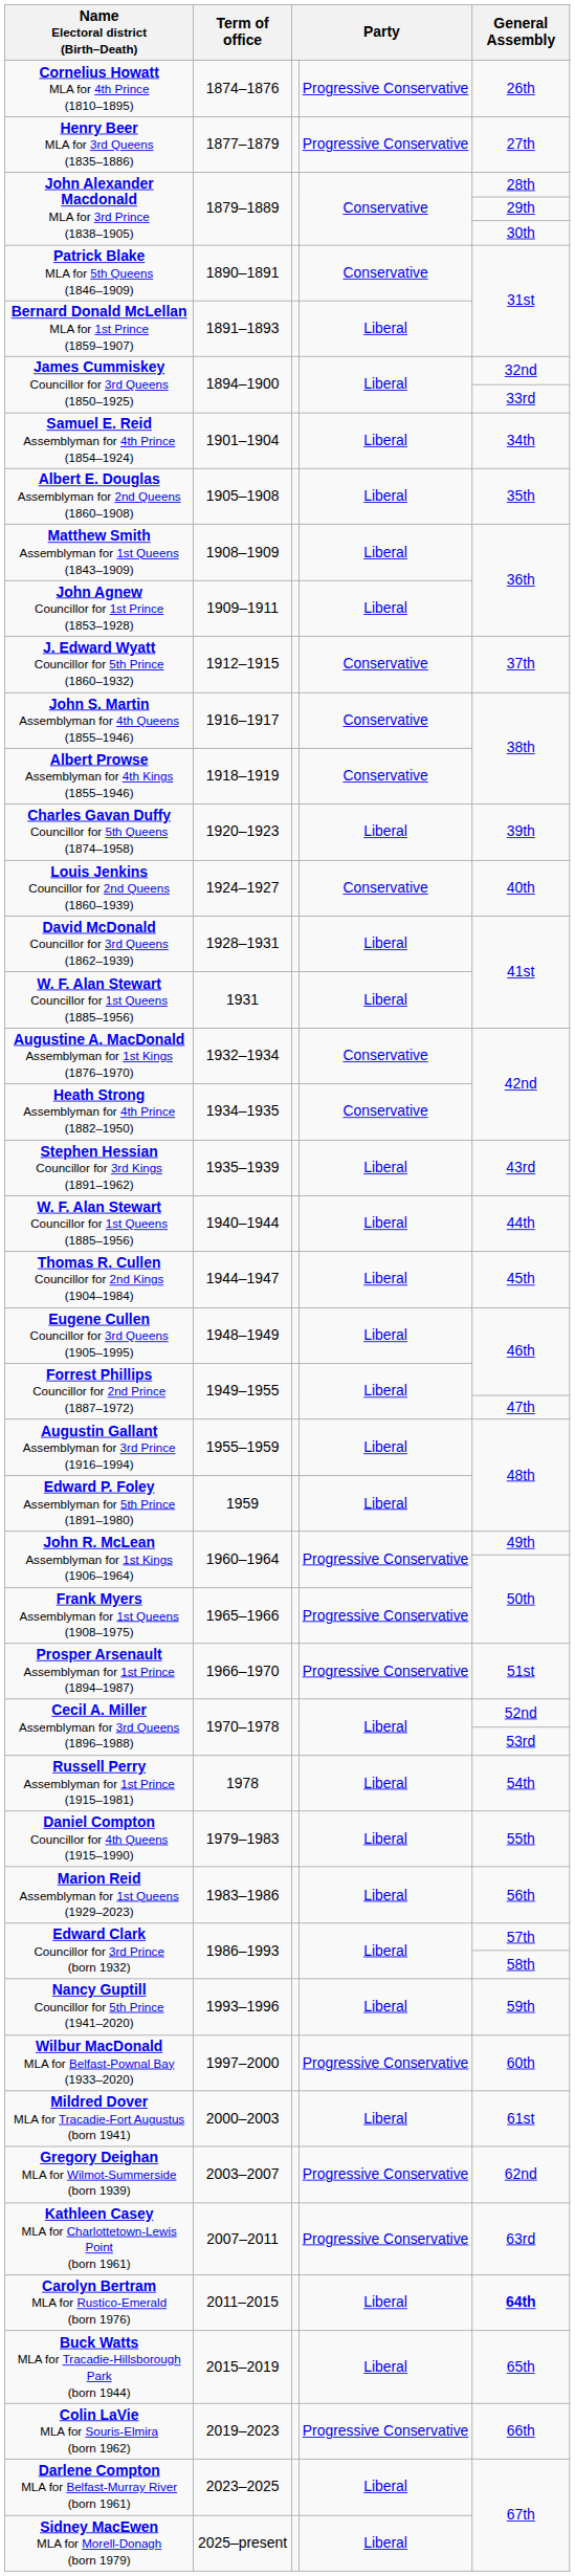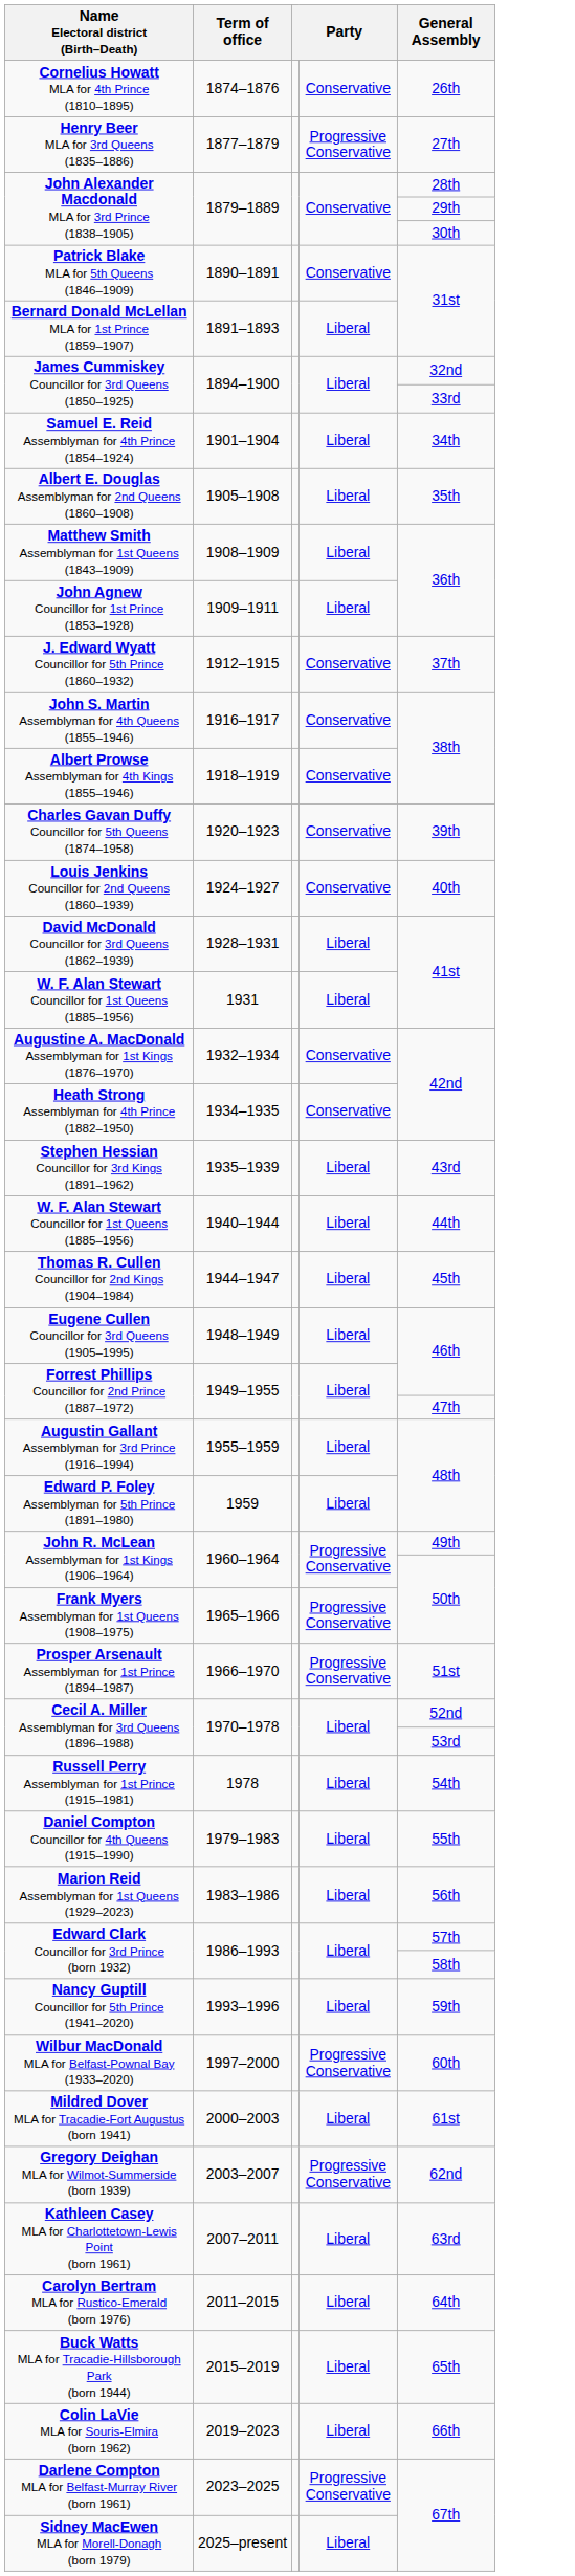 <table class="wikitable" style="text-align:center">
 <tr>
 <th width="200px">Name<br><small>Electoral district<br>(Birth–Death)</small></th>
 <th width="100px">Term of office</th>
 <th colspan="2">Party</th>
 <th width="100px">General Assembly</th>
 </tr>
 <tr>
 <td><strong><a href='#'>Cornelius Howatt</a></strong><br><small>MLA for <a href='#'>4th Prince</a></small><br><small>(1810–1895)</small></td>
 <td>1874–1876</td>
 <td style="width:1px; background:"></td>
-<td><a href='#'>Progressive Conservative</a></td>
+<td width="100px"><a href='#'>Conservative</a></td>
 <td><a href='#'>26th</a></td>
 </tr>
 <tr>
 <td><strong><a href='#'>Henry Beer</a></strong><br><small>MLA for <a href='#'>3rd Queens</a></small><br><small>(1835–1886)</small></td>
 <td>1877–1879</td>
 <td style="width:1px; background:"></td>
 <td><a href='#'>Progressive Conservative</a></td>
 <td><a href='#'>27th</a></td>
 </tr>
 <tr>
 <td rowspan="3"><a href='#'><strong>John Alexander Macdonald</strong></a><br><small>MLA for <a href='#'>3rd Prince</a></small><br><small>(1838–1905)</small></td>
 <td rowspan="3">1879–1889</td>
 <td rowspan="3" style="width:1px; background:"></td>
 <td rowspan="3"><a href='#'>Conservative</a></td>
 <td><a href='#'>28th</a></td>
 </tr>
 <tr>
 <td><a href='#'>29th</a></td>
 </tr>
 <tr>
 <td><a href='#'>30th</a></td>
 </tr>
 <tr>
 <td><strong><a href='#'>Patrick Blake</a></strong><br><small>MLA for <a href='#'>5th Queens</a></small><br><small>(1846–1909)</small></td>
 <td>1890–1891</td>
 <td style="width:1px; background:"></td>
 <td><a href='#'>Conservative</a></td>
 <td rowspan="2"><a href='#'>31st</a></td>
 </tr>
 <tr>
 <td><strong><a href='#'>Bernard Donald McLellan</a></strong><br><small>MLA for <a href='#'>1st Prince</a></small><br><small>(1859–1907)</small></td>
 <td>1891–1893</td>
 <td style="width:1px; background:"></td>
 <td><a href='#'>Liberal</a></td>
 </tr>
 <tr>
 <td rowspan="2"><strong><a href='#'>James Cummiskey</a></strong><br><small>Councillor for <a href='#'>3rd Queens</a></small><br><small>(1850–1925)</small></td>
 <td rowspan="2">1894–1900</td>
 <td rowspan="2" style="width:1px; background:"></td>
 <td rowspan="2"><a href='#'>Liberal</a></td>
 <td><a href='#'>32nd</a></td>
 </tr>
 <tr>
 <td><a href='#'>33rd</a></td>
 </tr>
 <tr>
 <td><strong><a href='#'>Samuel E. Reid</a></strong><br><small>Assemblyman for <a href='#'>4th Prince</a></small><br><small>(1854–1924)</small></td>
 <td>1901–1904</td>
 <td style="width:1px; background:"></td>
 <td><a href='#'>Liberal</a></td>
 <td><a href='#'>34th</a></td>
 </tr>
 <tr>
 <td><strong><a href='#'>Albert E. Douglas</a></strong><br><small>Assemblyman for <a href='#'>2nd Queens</a></small><br><small>(1860–1908)</small></td>
 <td>1905–1908</td>
 <td style="width:1px; background:"></td>
 <td><a href='#'>Liberal</a></td>
 <td><a href='#'>35th</a></td>
 </tr>
 <tr>
 <td><strong><a href='#'>Matthew Smith</a></strong><br><small>Assemblyman for <a href='#'>1st Queens</a></small><br><small>(1843–1909)</small></td>
 <td>1908–1909</td>
 <td style="width:1px; background:"></td>
 <td><a href='#'>Liberal</a></td>
 <td rowspan="2"><a href='#'>36th</a></td>
 </tr>
 <tr>
 <td><strong><a href='#'>John Agnew</a></strong><br><small>Councillor for <a href='#'>1st Prince</a></small><br><small>(1853–1928)</small></td>
 <td>1909–1911</td>
 <td style="width:1px; background:"></td>
 <td><a href='#'>Liberal</a></td>
 </tr>
 <tr>
 <td><strong><a href='#'>J. Edward Wyatt</a></strong><br><small>Councillor for <a href='#'>5th Prince</a></small><br><small>(1860–1932)</small></td>
 <td>1912–1915</td>
 <td style="width:1px; background:"></td>
 <td><a href='#'>Conservative</a></td>
 <td><a href='#'>37th</a></td>
 </tr>
 <tr>
 <td><strong><a href='#'>John S. Martin</a></strong><br><small>Assemblyman for <a href='#'>4th Queens</a></small><br><small>(1855–1946)</small></td>
 <td>1916–1917</td>
 <td style="width:1px; background:"></td>
 <td><a href='#'>Conservative</a></td>
 <td rowspan="2"><a href='#'>38th</a></td>
 </tr>
 <tr>
 <td><strong><a href='#'>Albert Prowse</a></strong><br><small>Assemblyman for <a href='#'>4th Kings</a></small><br><small>(1855–1946)</small></td>
 <td>1918–1919</td>
 <td style="width:1px; background:"></td>
 <td><a href='#'>Conservative</a></td>
 </tr>
 <tr>
 <td><strong><a href='#'>Charles Gavan Duffy</a></strong><br><small>Councillor for <a href='#'>5th Queens</a></small><br><small>(1874–1958)</small></td>
 <td>1920–1923</td>
 <td style="width:1px; background:"></td>
-<td><a href='#'>Liberal</a></td>
+<td><a href='#'>Conservative</a></td>
 <td><a href='#'>39th</a></td>
 </tr>
 <tr>
 <td><strong><a href='#'>Louis Jenkins</a></strong><br><small>Councillor for <a href='#'>2nd Queens</a></small><br><small>(1860–1939)</small></td>
 <td>1924–1927</td>
 <td style="width:1px; background:"></td>
 <td><a href='#'>Conservative</a></td>
 <td><a href='#'>40th</a></td>
 </tr>
 <tr>
 <td><strong><a href='#'>David McDonald</a></strong><br><small>Councillor for <a href='#'>3rd Queens</a></small><br><small>(1862–1939)</small></td>
 <td>1928–1931</td>
 <td style="width:1px; background:"></td>
 <td><a href='#'>Liberal</a></td>
 <td rowspan="2"><a href='#'>41st</a></td>
 </tr>
 <tr>
 <td><strong><a href='#'>W. F. Alan Stewart</a></strong><br><small>Councillor for <a href='#'>1st Queens</a></small><br><small>(1885–1956)</small></td>
 <td>1931</td>
 <td style="width:1px; background:"></td>
 <td><a href='#'>Liberal</a></td>
 </tr>
 <tr>
 <td><strong><a href='#'>Augustine A. MacDonald</a></strong><br><small>Assemblyman for <a href='#'>1st Kings</a></small><br><small>(1876–1970)</small></td>
 <td>1932–1934</td>
 <td style="width:1px; background:"></td>
 <td><a href='#'>Conservative</a></td>
 <td rowspan="2"><a href='#'>42nd</a></td>
 </tr>
 <tr>
 <td><strong><a href='#'>Heath Strong</a></strong><br><small>Assemblyman for <a href='#'>4th Prince</a></small><br><small>(1882–1950)</small></td>
 <td>1934–1935</td>
 <td style="width:1px; background:"></td>
 <td><a href='#'>Conservative</a></td>
 </tr>
 <tr>
 <td><strong><a href='#'>Stephen Hessian</a></strong><br><small>Councillor for <a href='#'>3rd Kings</a></small><br><small>(1891–1962)</small></td>
 <td>1935–1939</td>
 <td style="width:1px; background:"></td>
 <td><a href='#'>Liberal</a></td>
 <td><a href='#'>43rd</a></td>
 </tr>
 <tr>
 <td><strong><a href='#'>W. F. Alan Stewart</a></strong><br><small>Councillor for <a href='#'>1st Queens</a></small><br><small>(1885–1956)</small></td>
 <td>1940–1944</td>
 <td style="width:1px; background:"></td>
 <td><a href='#'>Liberal</a></td>
 <td><a href='#'>44th</a></td>
 </tr>
 <tr>
 <td><strong><a href='#'>Thomas R. Cullen</a></strong><br><small>Councillor for <a href='#'>2nd Kings</a></small><br><small>(1904–1984)</small></td>
 <td>1944–1947</td>
 <td style="width:1px; background:"></td>
 <td><a href='#'>Liberal</a></td>
 <td><a href='#'>45th</a></td>
 </tr>
 <tr>
 <td><strong><a href='#'>Eugene Cullen</a></strong><br><small>Councillor for <a href='#'>3rd Queens</a></small><br><small>(1905–1995)</small></td>
 <td>1948–1949</td>
 <td style="width:1px; background:"></td>
 <td><a href='#'>Liberal</a></td>
 <td rowspan="2"><a href='#'>46th</a></td>
 </tr>
 <tr style="height:35px">
 <td rowspan="2"><strong><a href='#'>Forrest Phillips</a></strong><br><small>Councillor for <a href='#'>2nd Prince</a></small><br><small>(1887–1972)</small></td>
 <td rowspan="2">1949–1955</td>
 <td rowspan="2" style="width:1px; background:"></td>
 <td rowspan="2"><a href='#'>Liberal</a></td>
 </tr>
 <tr>
 <td><a href='#'>47th</a></td>
 </tr>
 <tr>
 <td><strong><a href='#'>Augustin Gallant</a></strong><br><small>Assemblyman for <a href='#'>3rd Prince</a></small><br><small>(1916–1994)</small></td>
 <td>1955–1959</td>
 <td style="width:1px; background:"></td>
 <td><a href='#'>Liberal</a></td>
 <td rowspan="2"><a href='#'>48th</a></td>
 </tr>
 <tr>
 <td><strong><a href='#'>Edward P. Foley</a></strong><br><small>Assemblyman for <a href='#'>5th Prince</a></small><br><small>(1891–1980)</small></td>
 <td>1959</td>
 <td style="width:1px; background:"></td>
 <td><a href='#'>Liberal</a></td>
 </tr>
 <tr>
 <td rowspan="2"><strong><a href='#'>John R. McLean</a></strong><br><small>Assemblyman for <a href='#'>1st Kings</a></small><br><small>(1906–1964)</small></td>
 <td rowspan="2">1960–1964</td>
 <td rowspan="2" style="width:1px; background:"></td>
 <td rowspan="2"><a href='#'>Progressive Conservative</a></td>
 <td><a href='#'>49th</a></td>
 </tr>
 <tr>
 <td rowspan="2"><a href='#'>50th</a></td>
 </tr>
 <tr>
 <td><strong><a href='#'>Frank Myers</a></strong><br><small>Assemblyman for <a href='#'>1st Queens</a></small><br><small>(1908–1975)</small></td>
 <td>1965–1966</td>
 <td style="width:1px; background:"></td>
 <td><a href='#'>Progressive Conservative</a></td>
 </tr>
 <tr>
 <td><strong><a href='#'>Prosper Arsenault</a></strong><br><small>Assemblyman for <a href='#'>1st Prince</a></small><br><small>(1894–1987)</small></td>
 <td>1966–1970</td>
 <td style="width:1px; background:"></td>
 <td><a href='#'>Progressive Conservative</a></td>
 <td><a href='#'>51st</a></td>
 </tr>
 <tr>
 <td rowspan="2"><strong><a href='#'>Cecil A. Miller</a></strong><br><small>Assemblyman for <a href='#'>3rd Queens</a></small><br><small>(1896–1988)</small></td>
 <td rowspan="2">1970–1978</td>
 <td rowspan="2" style="width:1px; background:"></td>
 <td rowspan="2"><a href='#'>Liberal</a></td>
 <td><a href='#'>52nd</a></td>
 </tr>
 <tr>
 <td><a href='#'>53rd</a></td>
 </tr>
 <tr>
 <td><strong><a href='#'>Russell Perry</a></strong><br><small>Assemblyman for <a href='#'>1st Prince</a></small><br><small>(1915–1981)</small></td>
 <td>1978</td>
 <td style="width:1px; background:"></td>
 <td><a href='#'>Liberal</a></td>
 <td><a href='#'>54th</a></td>
 </tr>
 <tr>
 <td><strong><a href='#'>Daniel Compton</a></strong><br><small>Councillor for <a href='#'>4th Queens</a></small><br><small>(1915–1990)</small></td>
 <td>1979–1983</td>
 <td style="width:1px; background:"></td>
 <td><a href='#'>Liberal</a></td>
 <td><a href='#'>55th</a></td>
 </tr>
 <tr>
 <td><strong><a href='#'>Marion Reid</a></strong><br><small>Assemblyman for <a href='#'>1st Queens</a></small><br><small>(1929–2023)</small></td>
 <td>1983–1986</td>
 <td style="width:1px; background:"></td>
 <td><a href='#'>Liberal</a></td>
 <td><a href='#'>56th</a></td>
 </tr>
 <tr>
 <td rowspan="2"><strong><a href='#'>Edward Clark</a></strong><br><small>Councillor for <a href='#'>3rd Prince</a></small><br><small>(born 1932)</small></td>
 <td rowspan="2">1986–1993</td>
 <td rowspan="2" style="width:1px; background:"></td>
 <td rowspan="2"><a href='#'>Liberal</a></td>
 <td><a href='#'>57th</a></td>
 </tr>
 <tr>
 <td><a href='#'>58th</a></td>
 </tr>
 <tr>
 <td><strong><a href='#'>Nancy Guptill</a></strong><br><small>Councillor for <a href='#'>5th Prince</a></small><br><small>(1941–2020)</small></td>
 <td>1993–1996</td>
 <td style="width:1px; background:"></td>
 <td><a href='#'>Liberal</a></td>
 <td><a href='#'>59th</a></td>
 </tr>
 <tr>
 <td><strong><a href='#'>Wilbur MacDonald</a></strong><br><small>MLA for <a href='#'>Belfast-Pownal Bay</a></small><br><small>(1933–2020)</small></td>
 <td>1997–2000</td>
 <td style="width:1px; background:"></td>
 <td><a href='#'>Progressive Conservative</a></td>
 <td><a href='#'>60th</a></td>
 </tr>
 <tr>
 <td><strong><a href='#'>Mildred Dover</a></strong><br><small>MLA for <a href='#'>Tracadie-Fort Augustus</a></small><br><small>(born 1941)</small></td>
 <td>2000–2003</td>
 <td style="width:1px; background:"></td>
 <td><a href='#'>Liberal</a></td>
 <td><a href='#'>61st</a></td>
 </tr>
 <tr>
 <td><strong><a href='#'>Gregory Deighan</a></strong><br><small>MLA for <a href='#'>Wilmot-Summerside</a></small><br><small>(born 1939)</small></td>
 <td>2003–2007</td>
 <td style="width:1px; background:"></td>
 <td><a href='#'>Progressive Conservative</a></td>
 <td><a href='#'>62nd</a></td>
 </tr>
 <tr>
 <td><strong><a href='#'>Kathleen Casey</a></strong><br><small>MLA for <a href='#'>Charlottetown-Lewis Point</a></small><br><small>(born 1961)</small></td>
 <td>2007–2011</td>
 <td style="width:1px; background:"></td>
-<td><a href='#'>Progressive Conservative</a></td>
+<td><a href='#'>Liberal</a></td>
 <td><a href='#'>63rd</a></td>
 </tr>
 <tr>
 <td><strong><a href='#'>Carolyn Bertram</a></strong><br><small>MLA for <a href='#'>Rustico-Emerald</a></small><br><small>(born 1976)</small></td>
 <td>2011–2015</td>
 <td style="width:1px; background:"></td>
 <td><a href='#'>Liberal</a></td>
-<td><strong><a href='#'>64th</a></strong></td>
+<td><a href='#'>64th</a></td>
 </tr>
 <tr>
 <td><strong><a href='#'>Buck Watts</a></strong><br><small>MLA for <a href='#'>Tracadie-Hillsborough Park</a></small><br><small>(born 1944)</small></td>
 <td>2015–2019</td>
 <td style="width:1px; background:"></td>
 <td><a href='#'>Liberal</a></td>
 <td><a href='#'>65th</a></td>
 </tr>
 <tr>
 <td><strong><a href='#'>Colin LaVie</a></strong><br><small>MLA for <a href='#'>Souris-Elmira</a></small><br><small>(born 1962)</small></td>
 <td>2019–2023</td>
 <td style="width:1px; background:"></td>
-<td><a href='#'>Progressive Conservative</a></td>
+<td><a href='#'>Liberal</a></td>
 <td><a href='#'>66th</a></td>
 </tr>
 <tr>
 <td><strong><a href='#'>Darlene Compton</a></strong><br><small>MLA for <a href='#'>Belfast-Murray River</a></small><br><small>(born 1961)</small></td>
 <td>2023–2025</td>
 <td style="width:1px; background:"></td>
-<td><a href='#'>Liberal</a></td>
+<td><a href='#'>Progressive Conservative</a></td>
 <td rowspan="2"><a href='#'>67th</a></td>
 </tr>
 <tr>
 <td><strong><a href='#'>Sidney MacEwen</a></strong><br><small>MLA for <a href='#'>Morell-Donagh</a></small><br><small>(born 1979)</small></td>
 <td>2025–present</td>
 <td style="width:1px; background:"></td>
 <td><a href='#'>Liberal</a></td>
 </tr>
 </table>
